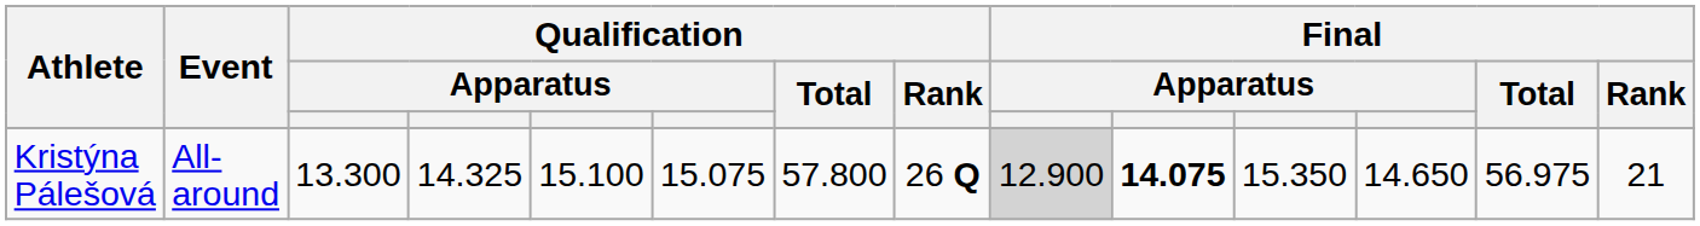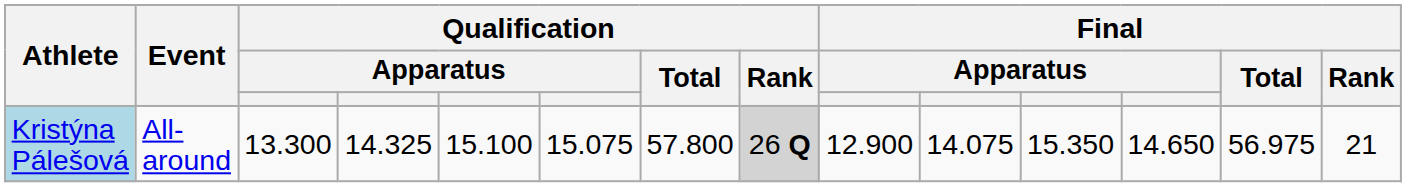 <table class="wikitable" style="font-size:90%">
 <tr>
 <th rowspan="3">Athlete</th>
 <th rowspan="3">Event</th>
 <th colspan=6>Qualification</th>
 <th colspan=6>Final</th>
 </tr>
 <tr style="font-size:95%">
 <th colspan=4>Apparatus</th>
 <th rowspan=2>Total</th>
 <th rowspan=2>Rank</th>
 <th colspan=4>Apparatus</th>
 <th rowspan=2>Total</th>
 <th rowspan=2>Rank</th>
 </tr>
 <tr style="font-size:95%">
 <th></th>
 <th></th>
 <th></th>
 <th></th>
 <th></th>
 <th></th>
 <th></th>
 <th></th>
 </tr>
 <tr align=center>
-<td align=left><a href='#'>Kristýna Pálešová</a></td>
+<td align=left style="background: lightblue;"><a href='#'>Kristýna Pálešová</a></td>
 <td align=left><a href='#'>All-around</a></td>
 <td>13.300</td>
 <td>14.325</td>
 <td>15.100</td>
 <td>15.075</td>
 <td>57.800</td>
-<td>26 <strong>Q</strong></td>
-<td style="background: lightgrey;">12.900</td>
-<td><strong>14.075</strong></td>
+<td style="background: lightgrey;">26 <strong>Q</strong></td>
+<td>12.900</td>
+<td>14.075</td>
 <td>15.350</td>
 <td>14.650</td>
 <td>56.975</td>
 <td>21</td>
 </tr>
 </table>
